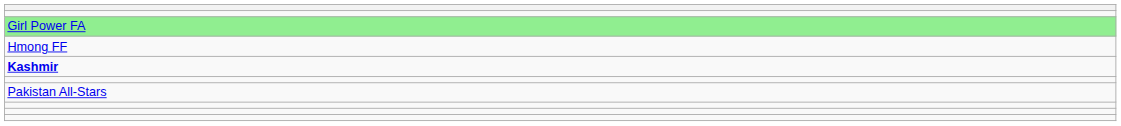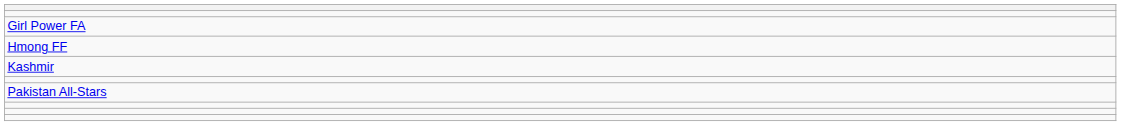 <table class="wikitable" style="font-size:90%" width=100%>
 <tr>
 <th scope="col"></th>
 </tr>
 <tr>
 <td></td>
 </tr>
 <tr>
-<td style="background: lightgreen;"> <a href='#'>Girl Power FA</a></td>
+<td> <a href='#'>Girl Power FA</a></td>
 </tr>
 <tr>
 <td> <a href='#'>Hmong FF</a></td>
 </tr>
 <tr>
-<td><strong> <a href='#'>Kashmir</a></strong></td>
+<td> <a href='#'>Kashmir</a></td>
 </tr>
 <tr>
 <td></td>
 </tr>
 <tr>
 <td> <a href='#'>Pakistan All-Stars</a></td>
 </tr>
 <tr>
 <td></td>
 </tr>
 <tr>
 <td></td>
 </tr>
 <tr>
 <td></td>
 </tr>
 </table>
